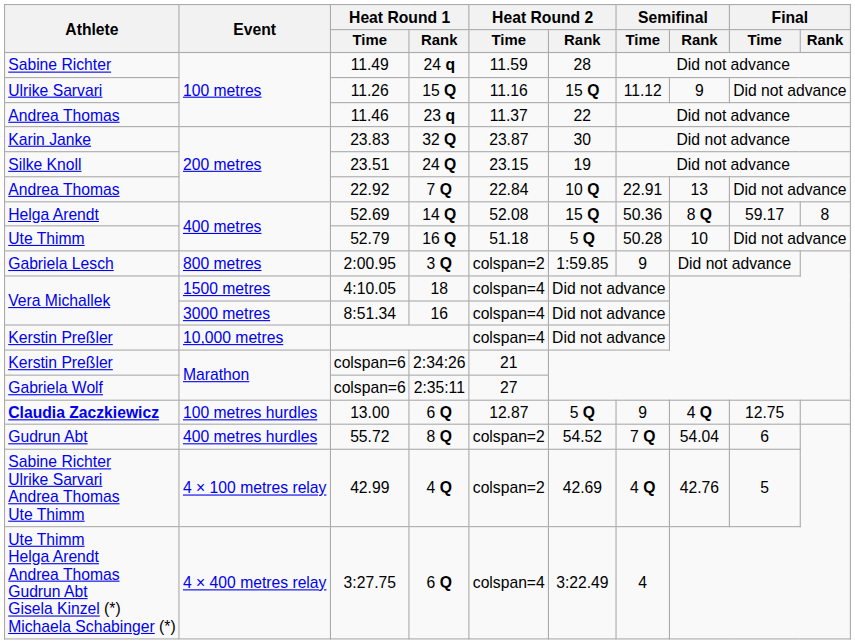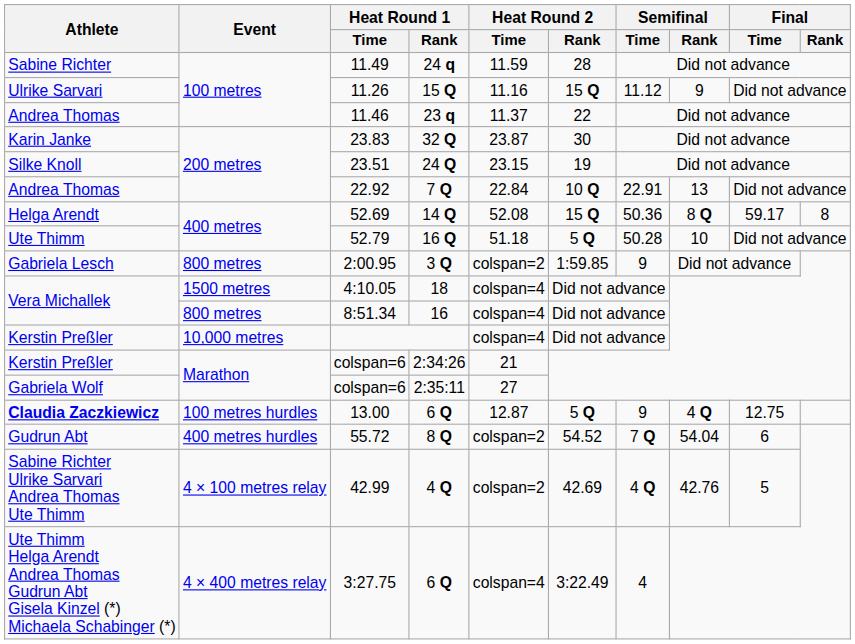 <table class=wikitable style="font-size:90%; text-align:center">
 <tr>
 <th rowspan=2>Athlete</th>
 <th rowspan=2>Event</th>
 <th colspan=2>Heat Round 1</th>
 <th colspan=2>Heat Round 2</th>
 <th colspan=2>Semifinal</th>
 <th colspan=2>Final</th>
 </tr>
 <tr style=font-size:95%>
 <th>Time</th>
 <th>Rank</th>
 <th>Time</th>
 <th>Rank</th>
 <th>Time</th>
 <th>Rank</th>
 <th>Time</th>
 <th>Rank</th>
 </tr>
 <tr align=center>
 <td align=left><a href='#'>Sabine Richter</a></td>
 <td align=left rowspan=3><a href='#'>100 metres</a></td>
 <td>11.49</td>
 <td>24 <strong>q</strong></td>
 <td>11.59</td>
 <td>28</td>
 <td colspan=4>Did not advance</td>
 </tr>
 <tr align=center>
 <td align=left><a href='#'>Ulrike Sarvari</a></td>
 <td>11.26</td>
 <td>15 <strong>Q</strong></td>
 <td>11.16</td>
 <td>15 <strong>Q</strong></td>
 <td>11.12</td>
 <td>9</td>
 <td colspan=2>Did not advance</td>
 </tr>
 <tr align=center>
 <td align=left><a href='#'>Andrea Thomas</a></td>
 <td>11.46</td>
 <td>23 <strong>q</strong></td>
 <td>11.37</td>
 <td>22</td>
 <td colspan=4>Did not advance</td>
 </tr>
 <tr align=center>
 <td align=left><a href='#'>Karin Janke</a></td>
 <td align=left rowspan=3><a href='#'>200 metres</a></td>
 <td>23.83</td>
 <td>32 <strong>Q</strong></td>
 <td>23.87</td>
 <td>30</td>
 <td colspan=4>Did not advance</td>
 </tr>
 <tr align=center>
 <td align=left><a href='#'>Silke Knoll</a></td>
 <td>23.51</td>
 <td>24 <strong>Q</strong></td>
 <td>23.15</td>
 <td>19</td>
 <td colspan=4>Did not advance</td>
 </tr>
 <tr align=center>
 <td align=left><a href='#'>Andrea Thomas</a></td>
 <td>22.92</td>
 <td>7 <strong>Q</strong></td>
 <td>22.84</td>
 <td>10 <strong>Q</strong></td>
 <td>22.91</td>
 <td>13</td>
 <td colspan=2>Did not advance</td>
 </tr>
 <tr align=center>
 <td align=left><a href='#'>Helga Arendt</a></td>
 <td align=left rowspan=2><a href='#'>400 metres</a></td>
 <td>52.69</td>
 <td>14 <strong>Q</strong></td>
 <td>52.08</td>
 <td>15 <strong>Q</strong></td>
 <td>50.36</td>
 <td>8 <strong>Q</strong></td>
 <td>59.17</td>
 <td>8</td>
 </tr>
 <tr align=center>
 <td align=left><a href='#'>Ute Thimm</a></td>
 <td>52.79</td>
 <td>16 <strong>Q</strong></td>
 <td>51.18</td>
 <td>5 <strong>Q</strong></td>
 <td>50.28</td>
 <td>10</td>
 <td colspan=2>Did not advance</td>
 </tr>
 <tr align=center>
 <td align=left><a href='#'>Gabriela Lesch</a></td>
 <td align=left><a href='#'>800 metres</a></td>
 <td>2:00.95</td>
 <td>3 <strong>Q</strong></td>
 <td>colspan=2</td>
 <td>1:59.85</td>
 <td>9</td>
 <td colspan=2>Did not advance</td>
 </tr>
 <tr align=center>
 <td align=left rowspan=2><a href='#'>Vera Michallek</a></td>
 <td align=left><a href='#'>1500 metres</a></td>
 <td>4:10.05</td>
 <td>18</td>
 <td>colspan=4</td>
 <td colspan=2>Did not advance</td>
 </tr>
 <tr align=center>
-<td align=left><a href='#'>3000 metres</a></td>
+<td align=left><a href='#'>800 metres</a></td>
 <td>8:51.34</td>
 <td>16</td>
 <td>colspan=4</td>
 <td colspan=2>Did not advance</td>
 </tr>
 <tr align=center>
 <td align=left><a href='#'>Kerstin Preßler</a></td>
 <td align=left><a href='#'>10,000 metres</a></td>
 <td colspan=2></td>
 <td>colspan=4</td>
 <td colspan=2>Did not advance</td>
 </tr>
 <tr align=center>
 <td align=left><a href='#'>Kerstin Preßler</a></td>
 <td align=left rowspan=2><a href='#'>Marathon</a></td>
 <td>colspan=6</td>
 <td>2:34:26</td>
 <td>21</td>
 </tr>
 <tr align=center>
 <td align=left><a href='#'>Gabriela Wolf</a></td>
 <td>colspan=6</td>
 <td>2:35:11</td>
 <td>27</td>
 </tr>
 <tr align=center>
 <td align=left><strong><a href='#'>Claudia Zaczkiewicz</a></strong></td>
 <td align=left><a href='#'>100 metres hurdles</a></td>
 <td>13.00</td>
 <td>6 <strong>Q</strong></td>
 <td>12.87</td>
 <td>5 <strong>Q</strong></td>
 <td>9</td>
 <td>4 <strong>Q</strong></td>
 <td>12.75</td>
 <td></td>
 </tr>
 <tr align=center>
 <td align=left><a href='#'>Gudrun Abt</a></td>
 <td align=left><a href='#'>400 metres hurdles</a></td>
 <td>55.72</td>
 <td>8 <strong>Q</strong></td>
 <td>colspan=2</td>
 <td>54.52</td>
 <td>7 <strong>Q</strong></td>
 <td>54.04</td>
 <td>6</td>
 </tr>
 <tr align=center>
 <td align=left><a href='#'>Sabine Richter</a><br><a href='#'>Ulrike Sarvari</a><br><a href='#'>Andrea Thomas</a><br><a href='#'>Ute Thimm</a></td>
 <td align=left><a href='#'>4 × 100 metres relay</a></td>
 <td>42.99</td>
 <td>4 <strong>Q</strong></td>
 <td>colspan=2</td>
 <td>42.69</td>
 <td>4 <strong>Q</strong></td>
 <td>42.76</td>
 <td>5</td>
 </tr>
 <tr align=center>
 <td align=left><a href='#'>Ute Thimm</a><br><a href='#'>Helga Arendt</a><br><a href='#'>Andrea Thomas</a><br><a href='#'>Gudrun Abt</a><br><a href='#'>Gisela Kinzel</a> (*)<br><a href='#'>Michaela Schabinger</a> (*)</td>
 <td align=left><a href='#'>4 × 400 metres relay</a></td>
 <td>3:27.75</td>
 <td>6 <strong>Q</strong></td>
 <td>colspan=4</td>
 <td>3:22.49</td>
 <td>4</td>
 </tr>
 </table>
